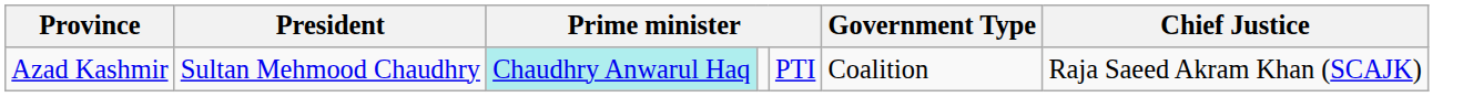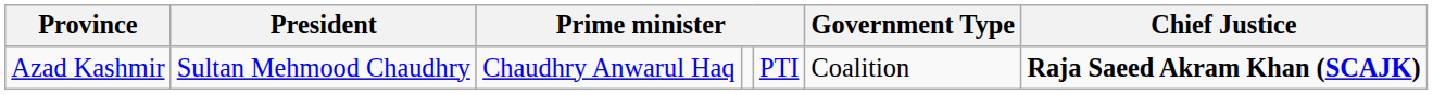 <table class="wikitable sortable">
 <tr>
 <th>Province</th>
 <th>President</th>
 <th colspan="3">Prime minister</th>
 <th>Government Type</th>
 <th>Chief Justice</th>
 </tr>
 <tr>
 <td><a href='#'>Azad Kashmir</a></td>
 <td><a href='#'>Sultan Mehmood Chaudhry</a></td>
-<td style="background: paleturquoise;"><a href='#'>Chaudhry Anwarul Haq</a></td>
+<td><a href='#'>Chaudhry Anwarul Haq</a></td>
 <td style="background-color: "></td>
 <td><a href='#'>PTI</a></td>
 <td>Coalition</td>
-<td>Raja Saeed Akram Khan (<a href='#'>SCAJK</a>)</td>
+<td><strong>Raja Saeed Akram Khan (<a href='#'>SCAJK</a>)</strong></td>
 </tr>
 </table>
